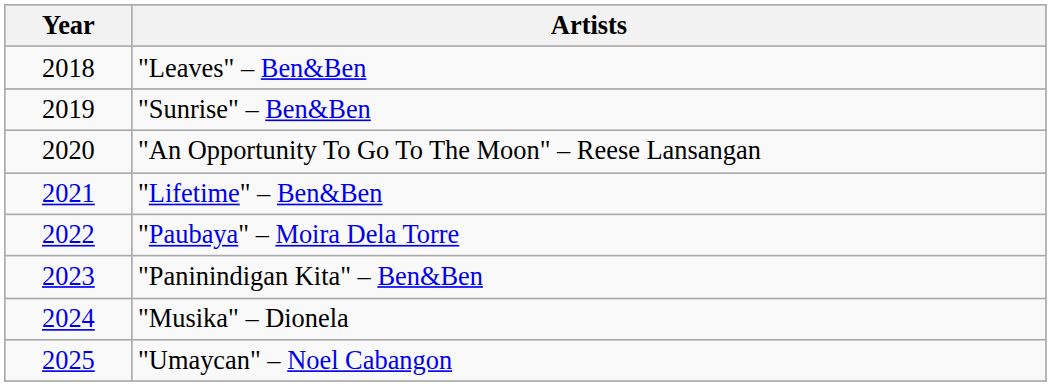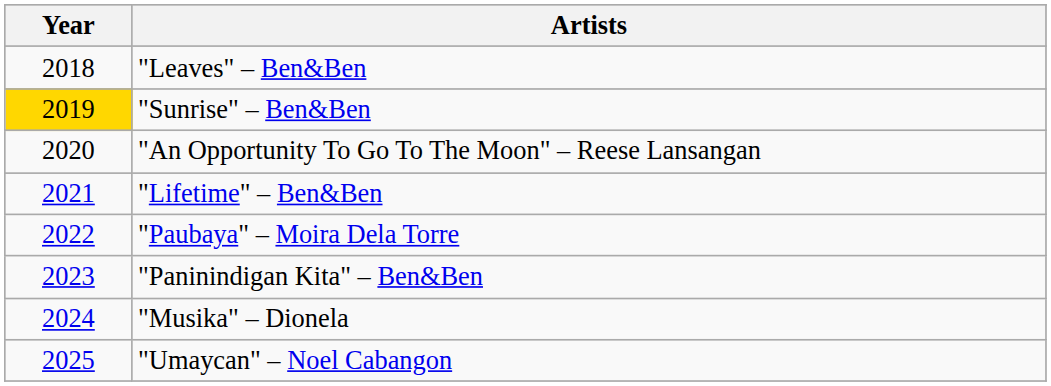 <table class="wikitable sortable"  style="width:50%;">
 <tr>
 <th width=5%  scope="col">Year</th>
 <th ! width=40%  scope="col">Artists</th>
 </tr>
 <tr>
 <td align="center">2018</td>
 <td>"Leaves" – <a href='#'>Ben&Ben</a></td>
 </tr>
 <tr>
-<td align="center">2019</td>
+<td align="center" style="background: gold;">2019</td>
 <td>"Sunrise" – <a href='#'>Ben&Ben</a></td>
 </tr>
 <tr>
 <td align="center">2020</td>
 <td>"An Opportunity To Go To The Moon" – Reese Lansangan</td>
 </tr>
 <tr>
 <td align="center"><a href='#'>2021</a></td>
 <td>"<a href='#'>Lifetime</a>" – <a href='#'>Ben&Ben</a></td>
 </tr>
 <tr>
 <td align="center"><a href='#'>2022</a></td>
 <td>"<a href='#'>Paubaya</a>" – <a href='#'>Moira Dela Torre</a></td>
 </tr>
 <tr>
 <td align="center"><a href='#'>2023</a></td>
 <td>"Paninindigan Kita" – <a href='#'>Ben&Ben</a></td>
 </tr>
 <tr>
 <td align="center"><a href='#'>2024</a></td>
 <td>"Musika" – Dionela</td>
 </tr>
 <tr>
 <td align="center"><a href='#'>2025</a></td>
 <td>"Umaycan" – <a href='#'>Noel Cabangon</a></td>
 </tr>
 </table>
